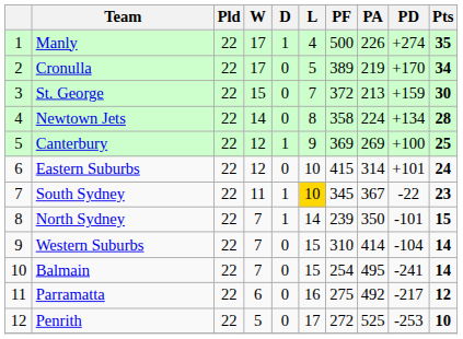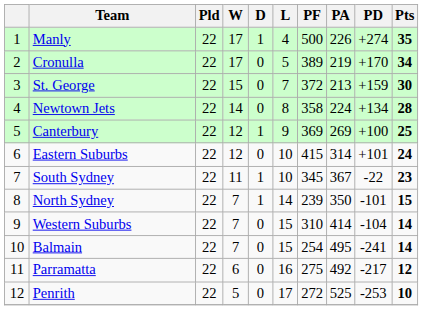 <table class="wikitable sortable" style="text-align:center;">
 <tr>
 <th width=20 abbr="Position"></th>
 <th width=175>Team</th>
 <th width=20 abbr="Played">Pld</th>
 <th width=20 abbr="Won">W</th>
 <th width=20 abbr="Drawn">D</th>
 <th width=20 abbr="Lost">L</th>
 <th width=20 abbr="Points for">PF</th>
 <th width=20 abbr="Points against">PA</th>
 <th width=20 abbr="Points difference">PD</th>
 <th width=20 abbr="Points">Pts</th>
 </tr>
 <tr style="background: #ccffcc;">
 <td>1</td>
 <td style="text-align:left;"> <a href='#'>Manly</a></td>
 <td>22</td>
 <td>17</td>
 <td>1</td>
 <td>4</td>
 <td>500</td>
 <td>226</td>
 <td>+274</td>
 <td><strong>35</strong></td>
 </tr>
 <tr style="background: #ccffcc;">
 <td>2</td>
 <td style="text-align:left;"> <a href='#'>Cronulla</a></td>
 <td>22</td>
 <td>17</td>
 <td>0</td>
 <td>5</td>
 <td>389</td>
 <td>219</td>
 <td>+170</td>
 <td><strong>34</strong></td>
 </tr>
 <tr style="background: #ccffcc;">
 <td>3</td>
 <td style="text-align:left;"> <a href='#'>St. George</a></td>
 <td>22</td>
 <td>15</td>
 <td>0</td>
 <td>7</td>
 <td>372</td>
 <td>213</td>
 <td>+159</td>
 <td><strong>30</strong></td>
 </tr>
 <tr style="background: #ccffcc;">
 <td>4</td>
 <td style="text-align:left;"> <a href='#'>Newtown Jets</a></td>
 <td>22</td>
 <td>14</td>
 <td>0</td>
 <td>8</td>
 <td>358</td>
 <td>224</td>
 <td>+134</td>
 <td><strong>28</strong></td>
 </tr>
 <tr style="background: #ccffcc;">
 <td>5</td>
 <td style="text-align:left;"> <a href='#'>Canterbury</a></td>
 <td>22</td>
 <td>12</td>
 <td>1</td>
 <td>9</td>
 <td>369</td>
 <td>269</td>
 <td>+100</td>
 <td><strong>25</strong></td>
 </tr>
 <tr>
 <td>6</td>
 <td style="text-align:left;"> <a href='#'>Eastern Suburbs</a></td>
 <td>22</td>
 <td>12</td>
 <td>0</td>
 <td>10</td>
 <td>415</td>
 <td>314</td>
 <td>+101</td>
 <td><strong>24</strong></td>
 </tr>
 <tr>
 <td>7</td>
 <td style="text-align:left;"> <a href='#'>South Sydney</a></td>
 <td>22</td>
 <td>11</td>
 <td>1</td>
-<td style="background: gold;">10</td>
+<td>10</td>
 <td>345</td>
 <td>367</td>
 <td>-22</td>
 <td><strong>23</strong></td>
 </tr>
 <tr>
 <td>8</td>
 <td style="text-align:left;"> <a href='#'>North Sydney</a></td>
 <td>22</td>
 <td>7</td>
 <td>1</td>
 <td>14</td>
 <td>239</td>
 <td>350</td>
 <td>-101</td>
 <td><strong>15</strong></td>
 </tr>
 <tr>
 <td>9</td>
 <td style="text-align:left;"> <a href='#'>Western Suburbs</a></td>
 <td>22</td>
 <td>7</td>
 <td>0</td>
 <td>15</td>
 <td>310</td>
 <td>414</td>
 <td>-104</td>
 <td><strong>14</strong></td>
 </tr>
 <tr>
 <td>10</td>
 <td style="text-align:left;"> <a href='#'>Balmain</a></td>
 <td>22</td>
 <td>7</td>
 <td>0</td>
 <td>15</td>
 <td>254</td>
 <td>495</td>
 <td>-241</td>
 <td><strong>14</strong></td>
 </tr>
 <tr>
 <td>11</td>
 <td style="text-align:left;"> <a href='#'>Parramatta</a></td>
 <td>22</td>
 <td>6</td>
 <td>0</td>
 <td>16</td>
 <td>275</td>
 <td>492</td>
 <td>-217</td>
 <td><strong>12</strong></td>
 </tr>
 <tr>
 <td>12</td>
 <td style="text-align:left;"> <a href='#'>Penrith</a></td>
 <td>22</td>
 <td>5</td>
 <td>0</td>
 <td>17</td>
 <td>272</td>
 <td>525</td>
 <td>-253</td>
 <td><strong>10</strong></td>
 </tr>
 <tr>
 </tr>
 </table>
